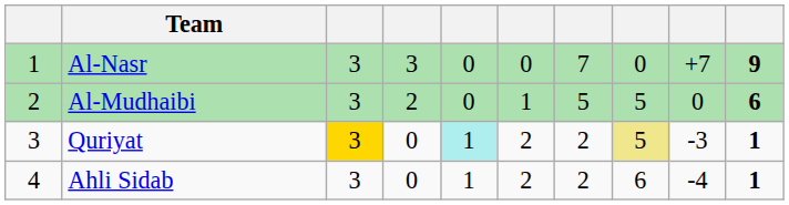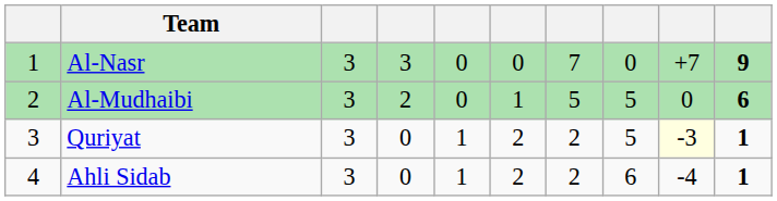 <table class="wikitable" style="text-align: center;">
 <tr>
 <th width=30></th>
 <th width=165>Team</th>
 <th width=30></th>
 <th width=30></th>
 <th width=30></th>
 <th width=30></th>
 <th width=30></th>
 <th width=30></th>
 <th width=30></th>
 <th width=30></th>
 </tr>
 <tr bgcolor=#ACE1AF>
 <td>1</td>
 <td align=left><a href='#'>Al-Nasr</a></td>
 <td>3</td>
 <td>3</td>
 <td>0</td>
 <td>0</td>
 <td>7</td>
 <td>0</td>
 <td>+7</td>
 <td><strong>9</strong></td>
 </tr>
 <tr bgcolor=#ACE1AF>
 <td>2</td>
 <td align=left><a href='#'>Al-Mudhaibi</a></td>
 <td>3</td>
 <td>2</td>
 <td>0</td>
 <td>1</td>
 <td>5</td>
 <td>5</td>
 <td>0</td>
 <td><strong>6</strong></td>
 </tr>
 <tr>
 <td>3</td>
 <td align=left><a href='#'>Quriyat</a></td>
-<td style="background: gold;">3</td>
+<td>3</td>
 <td>0</td>
-<td style="background: paleturquoise;">1</td>
+<td>1</td>
 <td>2</td>
 <td>2</td>
-<td style="background: khaki;">5</td>
-<td>-3</td>
+<td>5</td>
+<td style="background: lightyellow;">-3</td>
 <td><strong>1</strong></td>
 </tr>
 <tr>
 <td>4</td>
 <td align=left><a href='#'>Ahli Sidab</a></td>
 <td>3</td>
 <td>0</td>
 <td>1</td>
 <td>2</td>
 <td>2</td>
 <td>6</td>
 <td>-4</td>
 <td><strong>1</strong></td>
 </tr>
 </table>
